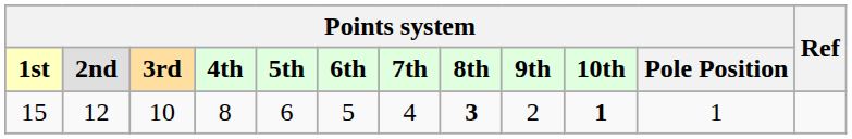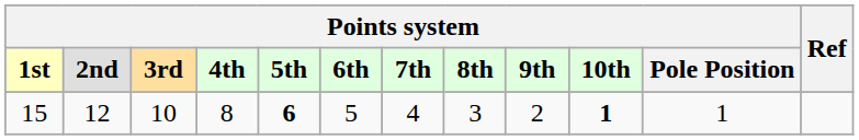 <table class="wikitable" style="font-size: 85%; text-align: center;">
 <tr>
 <th colspan="11">Points system</th>
 <th rowspan="2">Ref</th>
 </tr>
 <tr>
 <td style="background:#ffffbf;"> <strong>1st</strong> </td>
 <td style="background:#dfdfdf;"> <strong>2nd</strong> </td>
 <td style="background:#ffdf9f;"> <strong>3rd</strong> </td>
 <td style="background:#dfffdf;"> <strong>4th</strong> </td>
 <td style="background:#dfffdf;"> <strong>5th</strong> </td>
 <td style="background:#dfffdf;"> <strong>6th</strong> </td>
 <td style="background:#dfffdf;"> <strong>7th</strong> </td>
 <td style="background:#dfffdf;"> <strong>8th</strong> </td>
 <td style="background:#dfffdf;"> <strong>9th</strong> </td>
 <td style="background:#dfffdf;"> <strong>10th</strong> </td>
 <th>Pole Position</th>
 </tr>
 <tr>
 <td>15</td>
 <td>12</td>
 <td>10</td>
 <td>8</td>
-<td>6</td>
+<td><strong>6</strong></td>
 <td>5</td>
 <td>4</td>
-<td><strong>3</strong></td>
+<td>3</td>
 <td>2</td>
 <td><strong>1</strong></td>
 <td>1</td>
 <td></td>
 </tr>
 </table>
